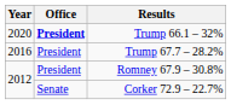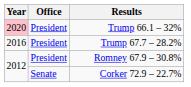 <table class=wikitable>
 <tr>
 <th width="30">Year</th>
 <th width="60">Office</th>
 <th width="180">Results</th>
 </tr>
 <tr>
-<td>2020</td>
-<td><strong><a href='#'>President</a></strong></td>
+<td style="background: pink;">2020</td>
+<td><a href='#'>President</a></td>
 <td align="right" ><a href='#'>Trump</a> 66.1 – 32%</td>
 </tr>
 <tr>
 <td>2016</td>
 <td><a href='#'>President</a></td>
 <td align="right" ><a href='#'>Trump</a> 67.7 – 28.2%</td>
 </tr>
 <tr>
 <td rowspan="2">2012</td>
 <td><a href='#'>President</a></td>
 <td align="right" ><a href='#'>Romney</a> 67.9 – 30.8%</td>
 </tr>
 <tr>
 <td><a href='#'>Senate</a></td>
 <td align="right" ><a href='#'>Corker</a> 72.9 – 22.7%</td>
 </tr>
 </table>
